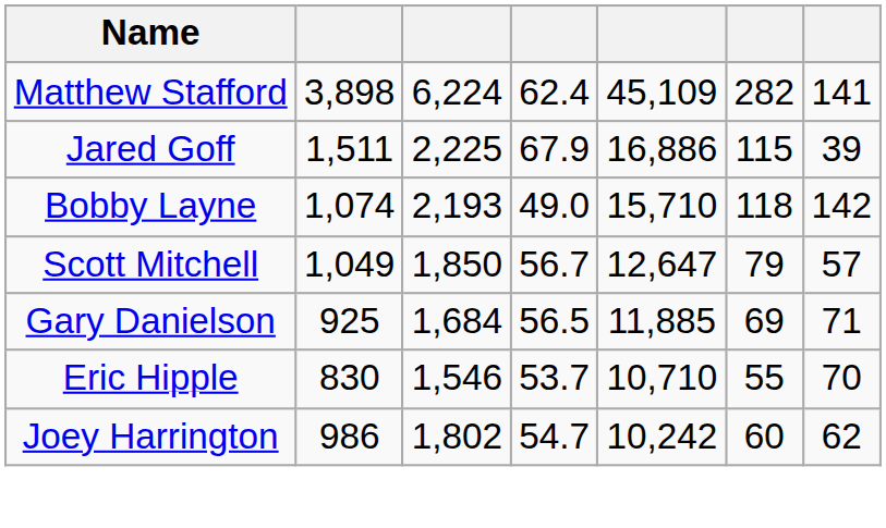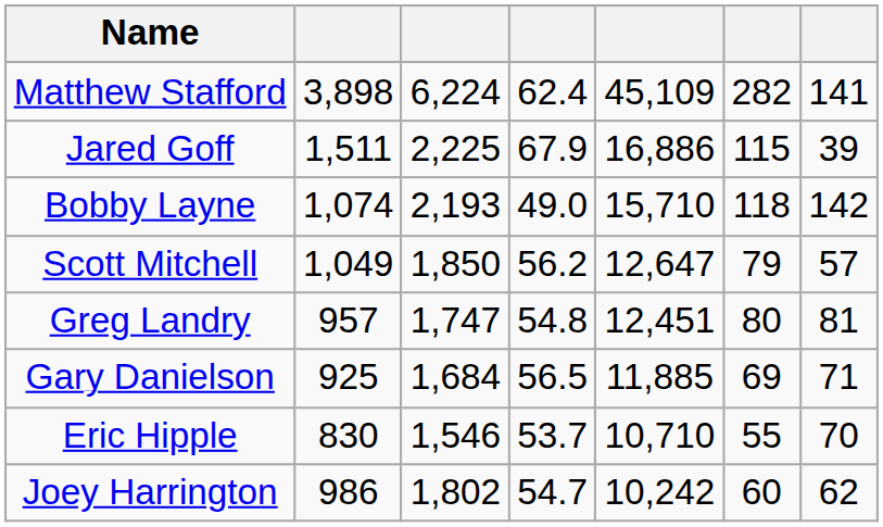 <table class="wikitable sortable" style="text-align:center">
 <tr>
 <th>Name</th>
 <th></th>
 <th></th>
 <th></th>
 <th></th>
 <th></th>
 <th></th>
 </tr>
 <tr>
 <td><a href='#'>Matthew Stafford</a></td>
 <td>3,898</td>
 <td>6,224</td>
 <td>62.4</td>
 <td>45,109</td>
 <td>282</td>
 <td>141</td>
 </tr>
 <tr>
 <td><a href='#'>Jared Goff</a></td>
 <td>1,511</td>
 <td>2,225</td>
 <td>67.9</td>
 <td>16,886</td>
 <td>115</td>
 <td>39</td>
 </tr>
 <tr>
 <td><a href='#'>Bobby Layne</a></td>
 <td>1,074</td>
 <td>2,193</td>
 <td>49.0</td>
 <td>15,710</td>
 <td>118</td>
 <td>142</td>
 </tr>
 <tr>
 <td><a href='#'>Scott Mitchell</a></td>
 <td>1,049</td>
 <td>1,850</td>
-<td>56.7</td>
+<td>56.2</td>
 <td>12,647</td>
 <td>79</td>
 <td>57</td>
+</tr>
+<tr>
+<td><a href='#'>Greg Landry</a></td>
+<td>957</td>
+<td>1,747</td>
+<td>54.8</td>
+<td>12,451</td>
+<td>80</td>
+<td>81</td>
 </tr>
 <tr>
 <td><a href='#'>Gary Danielson</a></td>
 <td>925</td>
 <td>1,684</td>
 <td>56.5</td>
 <td>11,885</td>
 <td>69</td>
 <td>71</td>
 </tr>
 <tr>
 <td><a href='#'>Eric Hipple</a></td>
 <td>830</td>
 <td>1,546</td>
 <td>53.7</td>
 <td>10,710</td>
 <td>55</td>
 <td>70</td>
 </tr>
 <tr>
 <td><a href='#'>Joey Harrington</a></td>
 <td>986</td>
 <td>1,802</td>
 <td>54.7</td>
 <td>10,242</td>
 <td>60</td>
 <td>62</td>
 </tr>
 </table>
